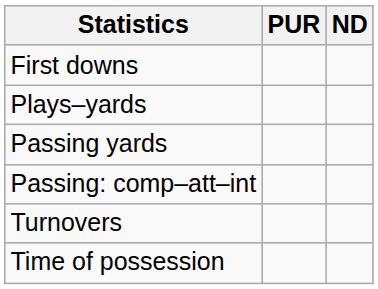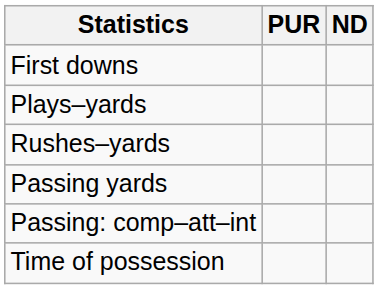 <table class="wikitable" style="float:left">
 <tr>
 <th>Statistics</th>
 <th>PUR</th>
 <th>ND</th>
 </tr>
 <tr>
 <td>First downs</td>
 <td></td>
 <td></td>
 </tr>
 <tr>
 <td>Plays–yards</td>
 <td></td>
 <td></td>
 </tr>
 <tr>
+<td>Rushes–yards</td>
+<td></td>
+<td></td>
+</tr>
+<tr>
 <td>Passing yards</td>
 <td></td>
 <td></td>
 </tr>
 <tr>
 <td>Passing: comp–att–int</td>
 <td></td>
 <td></td>
 </tr>
 <tr>
-<td>Turnovers</td>
-<td></td>
-<td></td>
-</tr>
-<tr>
 <td>Time of possession</td>
 <td></td>
 <td></td>
 </tr>
 </table>
